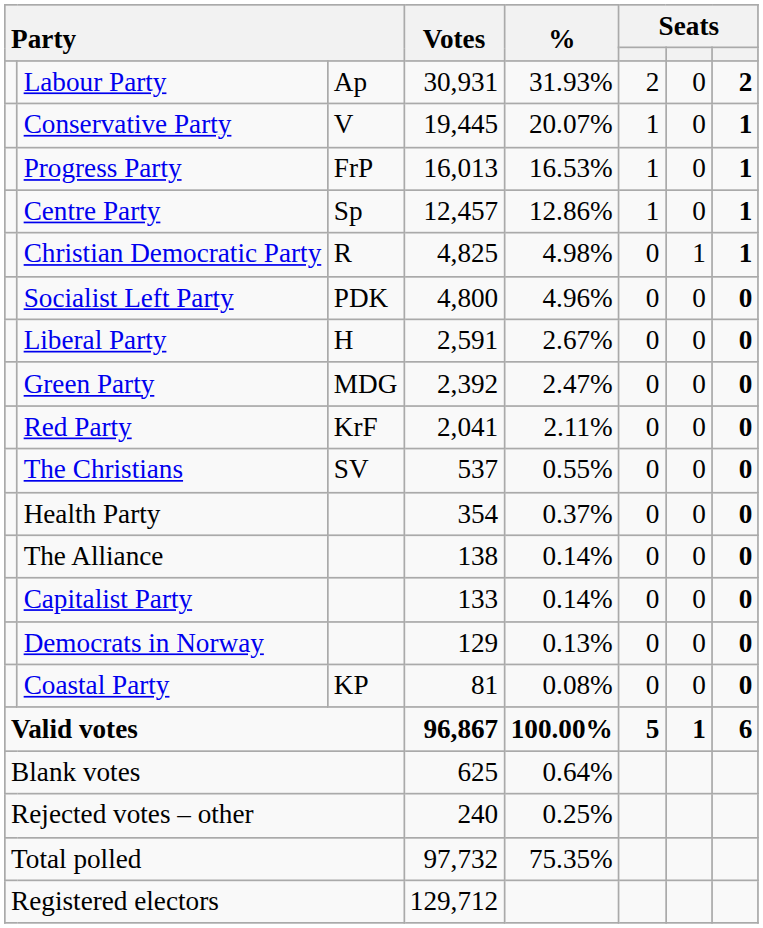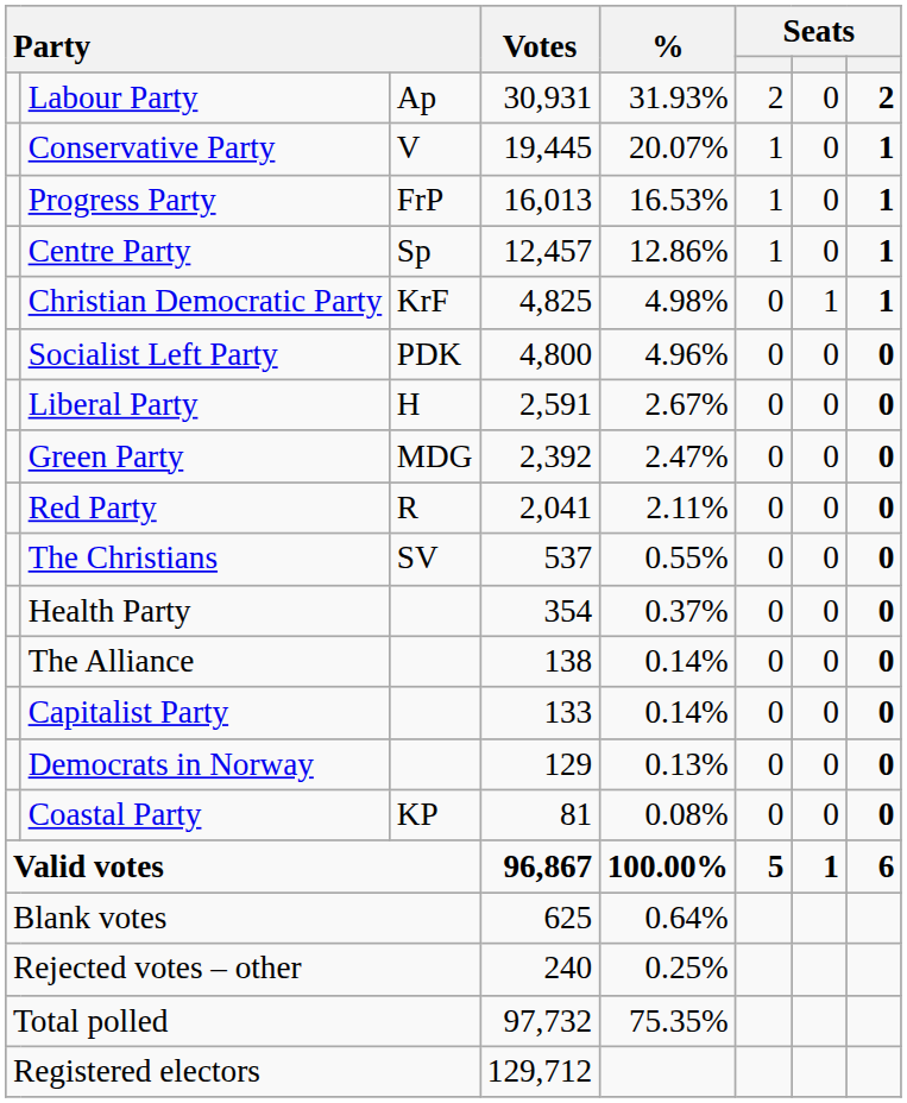 <table class="wikitable" border="1" style="text-align:right;">
 <tr>
 <th style="text-align:left;" valign=bottom rowspan=2 colspan=3>Party</th>
 <th align=center valign=bottom rowspan=2 width="50">Votes</th>
 <th align=center valign=bottom rowspan=2 width="50">%</th>
 <th colspan=3>Seats</th>
 </tr>
 <tr>
 <th align=center valign=bottom width="20"><small></small></th>
 <th align=center valign=bottom width="20"><small><a href='#'></a></small></th>
 <th align=center valign=bottom width="20"><small></small></th>
 </tr>
 <tr>
 <td style="color:inherit;background:"></td>
 <td align=left><a href='#'>Labour Party</a></td>
 <td align=left>Ap</td>
 <td>30,931</td>
 <td>31.93%</td>
 <td>2</td>
 <td>0</td>
 <td><strong>2</strong></td>
 </tr>
 <tr>
 <td style="color:inherit;background:"></td>
 <td align=left><a href='#'>Conservative Party</a></td>
 <td align=left>V</td>
 <td>19,445</td>
 <td>20.07%</td>
 <td>1</td>
 <td>0</td>
 <td><strong>1</strong></td>
 </tr>
 <tr>
 <td style="color:inherit;background:"></td>
 <td align=left><a href='#'>Progress Party</a></td>
 <td align=left>FrP</td>
 <td>16,013</td>
 <td>16.53%</td>
 <td>1</td>
 <td>0</td>
 <td><strong>1</strong></td>
 </tr>
 <tr>
 <td style="color:inherit;background:"></td>
 <td align=left><a href='#'>Centre Party</a></td>
 <td align=left>Sp</td>
 <td>12,457</td>
 <td>12.86%</td>
 <td>1</td>
 <td>0</td>
 <td><strong>1</strong></td>
 </tr>
 <tr>
 <td style="color:inherit;background:"></td>
 <td align=left><a href='#'>Christian Democratic Party</a></td>
-<td align=left>R</td>
+<td align=left>KrF</td>
 <td>4,825</td>
 <td>4.98%</td>
 <td>0</td>
 <td>1</td>
 <td><strong>1</strong></td>
 </tr>
 <tr>
 <td style="color:inherit;background:"></td>
 <td align=left><a href='#'>Socialist Left Party</a></td>
 <td align=left>PDK</td>
 <td>4,800</td>
 <td>4.96%</td>
 <td>0</td>
 <td>0</td>
 <td><strong>0</strong></td>
 </tr>
 <tr>
 <td style="color:inherit;background:"></td>
 <td align=left><a href='#'>Liberal Party</a></td>
 <td align=left>H</td>
 <td>2,591</td>
 <td>2.67%</td>
 <td>0</td>
 <td>0</td>
 <td><strong>0</strong></td>
 </tr>
 <tr>
 <td style="color:inherit;background:"></td>
 <td align=left><a href='#'>Green Party</a></td>
 <td align=left>MDG</td>
 <td>2,392</td>
 <td>2.47%</td>
 <td>0</td>
 <td>0</td>
 <td><strong>0</strong></td>
 </tr>
 <tr>
 <td style="color:inherit;background:"></td>
 <td align=left><a href='#'>Red Party</a></td>
-<td align=left>KrF</td>
+<td align=left>R</td>
 <td>2,041</td>
 <td>2.11%</td>
 <td>0</td>
 <td>0</td>
 <td><strong>0</strong></td>
 </tr>
 <tr>
 <td style="color:inherit;background:"></td>
 <td align=left><a href='#'>The Christians</a></td>
 <td align=left>SV</td>
 <td>537</td>
 <td>0.55%</td>
 <td>0</td>
 <td>0</td>
 <td><strong>0</strong></td>
 </tr>
 <tr>
 <td></td>
 <td align=left>Health Party</td>
 <td align=left></td>
 <td>354</td>
 <td>0.37%</td>
 <td>0</td>
 <td>0</td>
 <td><strong>0</strong></td>
 </tr>
 <tr>
 <td></td>
 <td align=left>The Alliance</td>
 <td align=left></td>
 <td>138</td>
 <td>0.14%</td>
 <td>0</td>
 <td>0</td>
 <td><strong>0</strong></td>
 </tr>
 <tr>
 <td style="color:inherit;background:"></td>
 <td align=left><a href='#'>Capitalist Party</a></td>
 <td align=left></td>
 <td>133</td>
 <td>0.14%</td>
 <td>0</td>
 <td>0</td>
 <td><strong>0</strong></td>
 </tr>
 <tr>
 <td style="color:inherit;background:"></td>
 <td align=left><a href='#'>Democrats in Norway</a></td>
 <td align=left></td>
 <td>129</td>
 <td>0.13%</td>
 <td>0</td>
 <td>0</td>
 <td><strong>0</strong></td>
 </tr>
 <tr>
 <td style="color:inherit;background:"></td>
 <td align=left><a href='#'>Coastal Party</a></td>
 <td align=left>KP</td>
 <td>81</td>
 <td>0.08%</td>
 <td>0</td>
 <td>0</td>
 <td><strong>0</strong></td>
 </tr>
 <tr style="font-weight:bold">
 <td align=left colspan=3>Valid votes</td>
 <td>96,867</td>
 <td>100.00%</td>
 <td>5</td>
 <td>1</td>
 <td>6</td>
 </tr>
 <tr>
 <td align=left colspan=3>Blank votes</td>
 <td>625</td>
 <td>0.64%</td>
 <td></td>
 <td></td>
 <td></td>
 </tr>
 <tr>
 <td align=left colspan=3>Rejected votes – other</td>
 <td>240</td>
 <td>0.25%</td>
 <td></td>
 <td></td>
 <td></td>
 </tr>
 <tr>
 <td align=left colspan=3>Total polled</td>
 <td>97,732</td>
 <td>75.35%</td>
 <td></td>
 <td></td>
 <td></td>
 </tr>
 <tr>
 <td align=left colspan=3>Registered electors</td>
 <td>129,712</td>
 <td></td>
 <td></td>
 <td></td>
 <td></td>
 </tr>
 </table>
